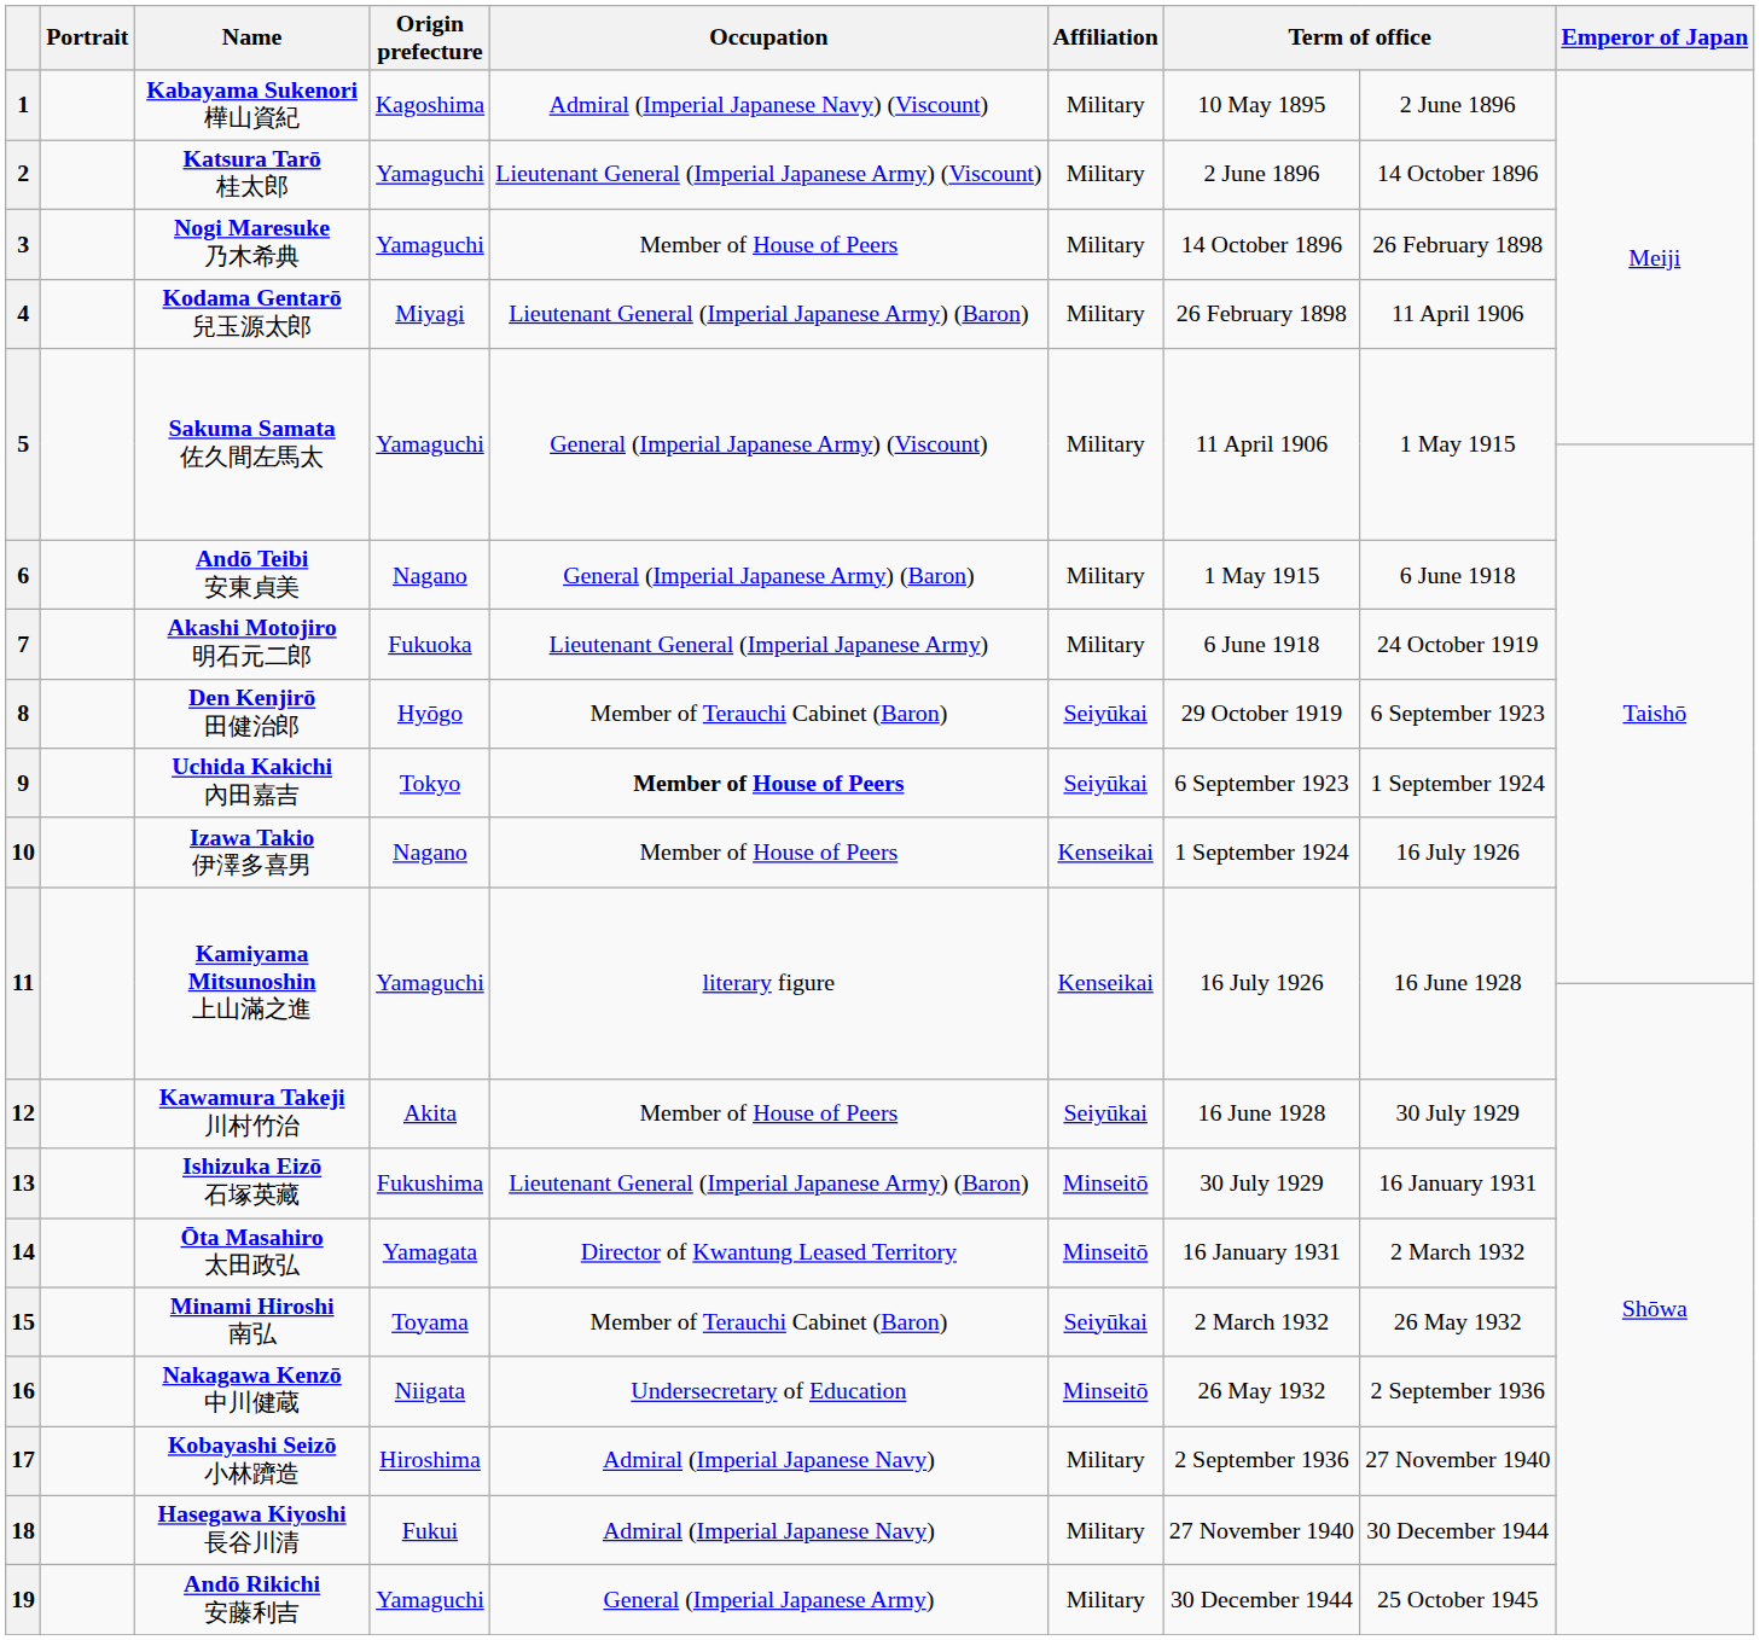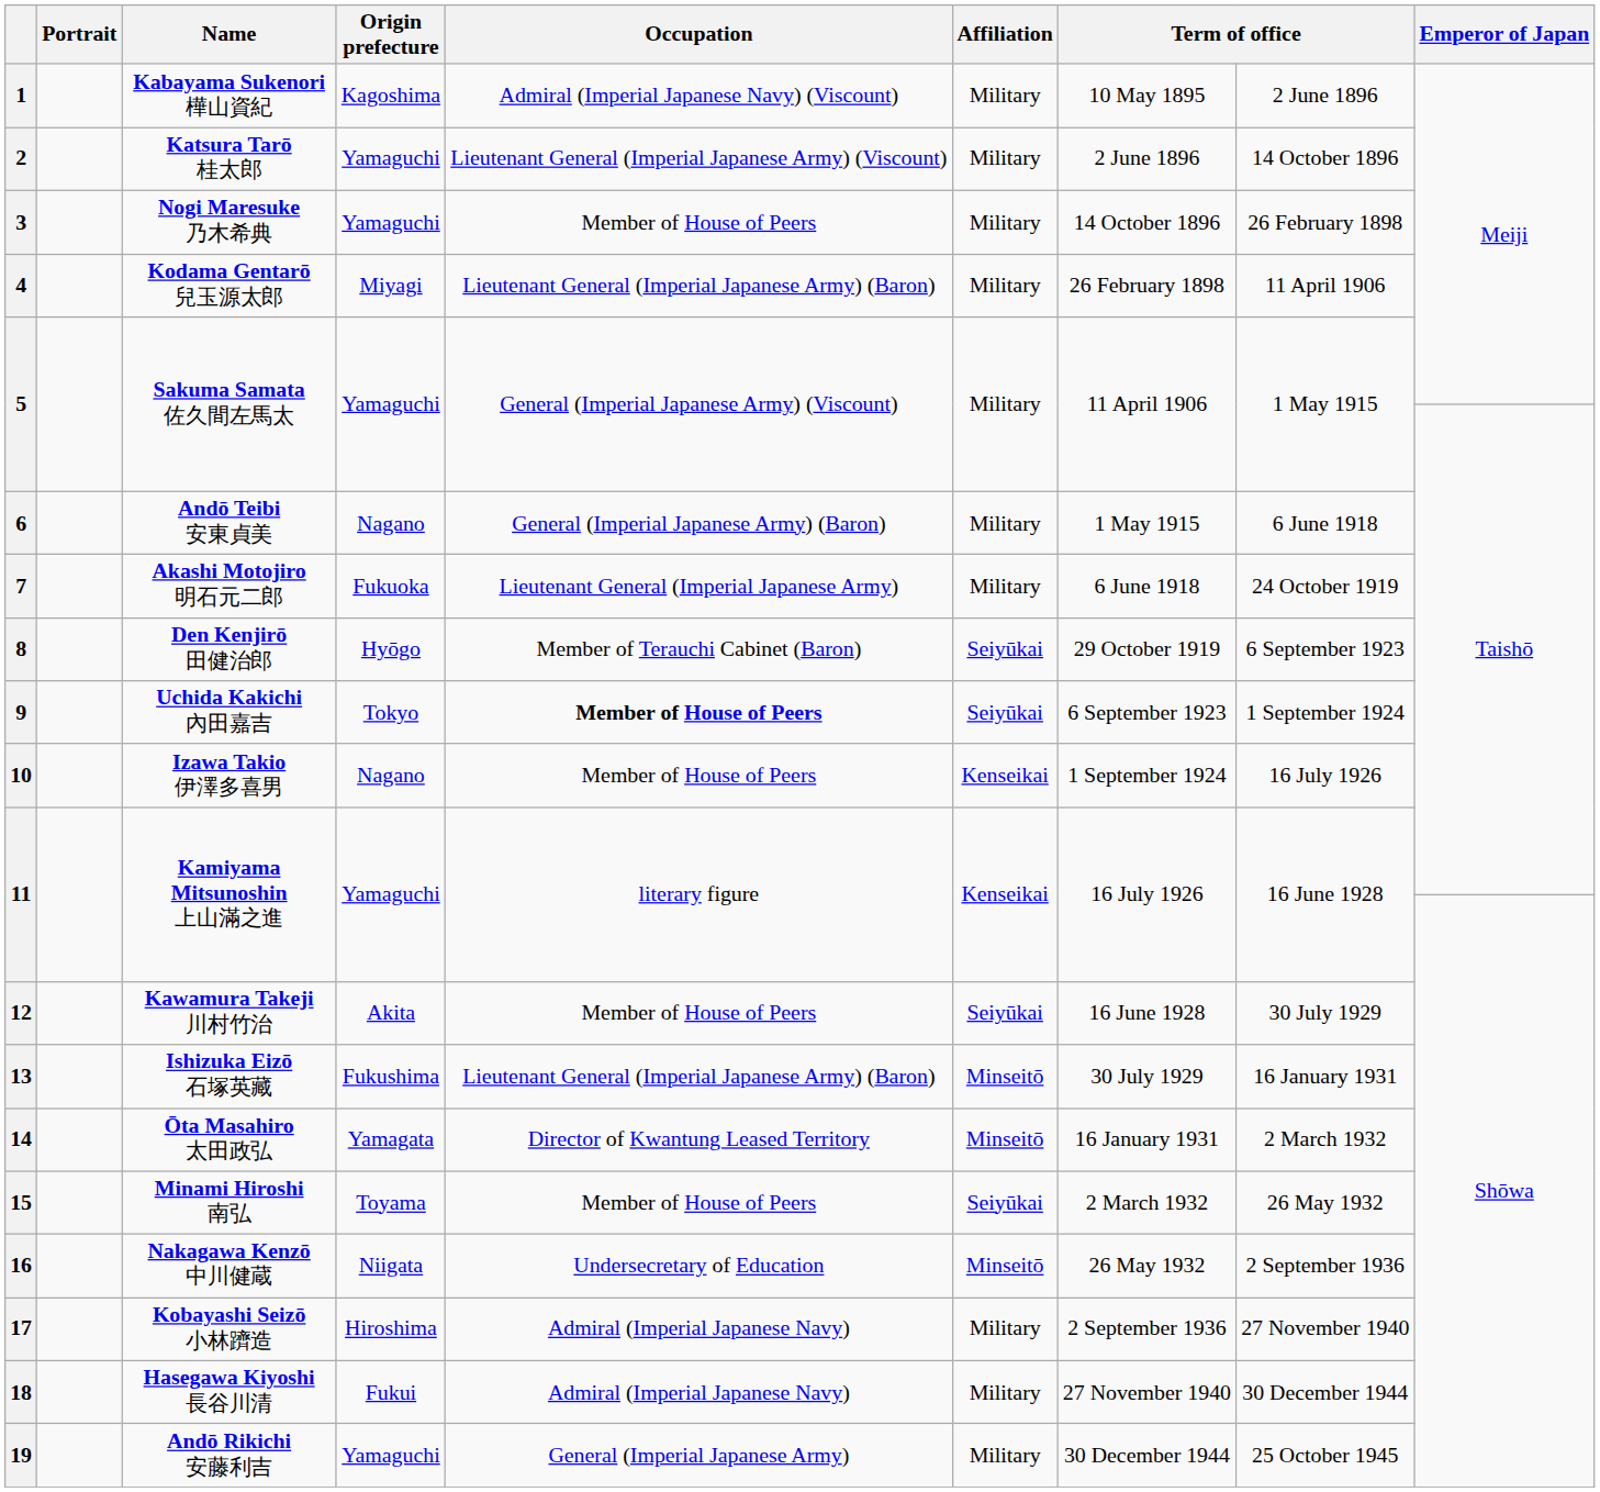 <table class="wikitable"; style="text-align:center";>
 <tr>
 <th></th>
 <th>Portrait</th>
 <th width="150">Name</th>
 <th>Origin<br>prefecture</th>
 <th>Occupation</th>
 <th>Affiliation</th>
 <th colspan=2 width="180">Term of office</th>
 <th><a href='#'>Emperor of Japan</a></th>
 </tr>
 <tr>
 <th style="background:">1</th>
 <td></td>
 <td align=center><strong><a href='#'>Kabayama Sukenori</a></strong><br><span>樺山資紀</span></td>
 <td><a href='#'>Kagoshima</a></td>
 <td><a href='#'>Admiral</a> (<a href='#'>Imperial Japanese Navy</a>) (<a href='#'>Viscount</a>)</td>
 <td>Military</td>
 <td>10 May 1895</td>
 <td>2 June 1896</td>
 <td rowspan="5"><a href='#'>Meiji</a></td>
 </tr>
 <tr>
 <th style="background:">2</th>
 <td></td>
 <td align=center><strong><a href='#'>Katsura Tarō</a></strong><br><span>桂太郎</span></td>
 <td><a href='#'>Yamaguchi</a></td>
 <td><a href='#'>Lieutenant General</a> (<a href='#'>Imperial Japanese Army</a>) (<a href='#'>Viscount</a>)</td>
 <td>Military</td>
 <td>2 June 1896</td>
 <td>14 October 1896</td>
 </tr>
 <tr>
 <th style="background:">3</th>
 <td></td>
 <td align=center><strong><a href='#'>Nogi Maresuke</a></strong><br><span>乃木希典</span></td>
 <td><a href='#'>Yamaguchi</a></td>
 <td>Member of <a href='#'>House of Peers</a></td>
 <td>Military</td>
 <td>14 October 1896</td>
 <td>26 February 1898</td>
 </tr>
 <tr>
 <th style="background:">4</th>
 <td></td>
 <td align=center><strong><a href='#'>Kodama Gentarō</a></strong><br><span>兒玉源太郎</span></td>
 <td><a href='#'>Miyagi</a></td>
 <td><a href='#'>Lieutenant General</a> (<a href='#'>Imperial Japanese Army</a>) (<a href='#'>Baron</a>)</td>
 <td>Military</td>
 <td>26 February 1898</td>
 <td>11 April 1906</td>
 </tr>
 <tr style="height:64px;">
 <th rowspan="2" style="background:">5</th>
 <td rowspan="2"></td>
 <td rowspan="2" align="center"><strong><a href='#'>Sakuma Samata</a></strong><br><span>佐久間左馬太</span></td>
 <td rowspan="2"><a href='#'>Yamaguchi</a></td>
 <td rowspan="2"><a href='#'>General</a> (<a href='#'>Imperial Japanese Army</a>) (<a href='#'>Viscount</a>)</td>
 <td rowspan="2">Military</td>
 <td rowspan="2">11 April 1906</td>
 <td rowspan="2">1 May 1915</td>
 </tr>
 <tr style="height:64px;">
 <td rowspan="7"><a href='#'>Taishō</a></td>
 </tr>
 <tr>
 <th style="background:">6</th>
 <td></td>
 <td align=center><strong><a href='#'>Andō Teibi</a></strong><br><span>安東貞美</span></td>
 <td><a href='#'>Nagano</a></td>
 <td><a href='#'>General</a> (<a href='#'>Imperial Japanese Army</a>) (<a href='#'>Baron</a>)</td>
 <td>Military</td>
 <td>1 May 1915</td>
 <td>6 June 1918</td>
 </tr>
 <tr>
 <th style="background:">7</th>
 <td></td>
 <td align=center><strong><a href='#'>Akashi Motojiro</a></strong><br><span>明石元二郎</span></td>
 <td><a href='#'>Fukuoka</a></td>
 <td><a href='#'>Lieutenant General</a> (<a href='#'>Imperial Japanese Army</a>)</td>
 <td>Military</td>
 <td>6 June 1918</td>
 <td>24 October 1919</td>
 </tr>
 <tr>
 <th style="background:">8</th>
 <td></td>
 <td align=center><strong><a href='#'>Den Kenjirō</a></strong><br><span>田健治郎</span></td>
 <td><a href='#'>Hyōgo</a></td>
 <td>Member of <a href='#'>Terauchi</a> Cabinet (<a href='#'>Baron</a>)</td>
 <td><a href='#'>Seiyūkai</a></td>
 <td>29 October 1919</td>
 <td>6 September 1923</td>
 </tr>
 <tr>
 <th style="background:">9</th>
 <td></td>
 <td align=center><strong><a href='#'>Uchida Kakichi</a></strong><br><span>內田嘉吉</span></td>
 <td><a href='#'>Tokyo</a></td>
 <td><strong>Member of <a href='#'>House of Peers</a></strong></td>
 <td><a href='#'>Seiyūkai</a></td>
 <td>6 September 1923</td>
 <td>1 September 1924</td>
 </tr>
 <tr>
 <th style="background:">10</th>
 <td></td>
 <td align=center><strong><a href='#'>Izawa Takio</a></strong><br><span>伊澤多喜男</span></td>
 <td><a href='#'>Nagano</a></td>
 <td>Member of <a href='#'>House of Peers</a></td>
 <td><a href='#'>Kenseikai</a></td>
 <td>1 September 1924</td>
 <td>16 July 1926</td>
 </tr>
 <tr style="height:64px;">
 <th rowspan=2 style="background:">11</th>
 <td rowspan=2></td>
 <td rowspan=2 align=center><strong><a href='#'>Kamiyama Mitsunoshin</a></strong><br><span>上山滿之進</span></td>
 <td rowspan=2><a href='#'>Yamaguchi</a></td>
 <td rowspan=2><a href='#'>literary</a> figure</td>
 <td rowspan=2><a href='#'>Kenseikai</a></td>
 <td rowspan=2>16 July 1926</td>
 <td rowspan=2>16 June 1928</td>
 </tr>
 <tr style="height:64px;">
 <td rowspan="9"><a href='#'>Shōwa</a></td>
 </tr>
 <tr>
 <th style="background:">12</th>
 <td></td>
 <td align=center><strong><a href='#'>Kawamura Takeji</a></strong><br><span>川村竹治</span></td>
 <td><a href='#'>Akita</a></td>
 <td>Member of <a href='#'>House of Peers</a></td>
 <td><a href='#'>Seiyūkai</a></td>
 <td>16 June 1928</td>
 <td>30 July 1929</td>
 </tr>
 <tr>
 <th style="background:">13</th>
 <td></td>
 <td align=center><strong><a href='#'>Ishizuka Eizō</a></strong><br><span>石塚英藏</span></td>
 <td><a href='#'>Fukushima</a></td>
 <td><a href='#'>Lieutenant General</a> (<a href='#'>Imperial Japanese Army</a>) (<a href='#'>Baron</a>)</td>
 <td><a href='#'>Minseitō</a></td>
 <td>30 July 1929</td>
 <td>16 January 1931</td>
 </tr>
 <tr>
 <th style="background:">14</th>
 <td></td>
 <td align=center><strong><a href='#'>Ōta Masahiro</a></strong><br><span>太田政弘</span></td>
 <td><a href='#'>Yamagata</a></td>
 <td><a href='#'>Director</a> of <a href='#'>Kwantung Leased Territory</a></td>
 <td><a href='#'>Minseitō</a></td>
 <td>16 January 1931</td>
 <td>2 March 1932</td>
 </tr>
 <tr>
 <th style="background:">15</th>
 <td></td>
 <td align=center><strong><a href='#'>Minami Hiroshi</a></strong><br><span>南弘</span></td>
 <td><a href='#'>Toyama</a></td>
-<td>Member of <a href='#'>Terauchi</a> Cabinet (<a href='#'>Baron</a>)</td>
+<td>Member of <a href='#'>House of Peers</a></td>
 <td><a href='#'>Seiyūkai</a></td>
 <td>2 March 1932</td>
 <td>26 May 1932</td>
 </tr>
 <tr>
 <th style="background:">16</th>
 <td></td>
 <td align=center><strong><a href='#'>Nakagawa Kenzō</a></strong><br><span>中川健蔵</span></td>
 <td><a href='#'>Niigata</a></td>
 <td><a href='#'>Undersecretary</a> of <a href='#'>Education</a></td>
 <td><a href='#'>Minseitō</a></td>
 <td>26 May 1932</td>
 <td>2 September 1936</td>
 </tr>
 <tr>
 <th style="background:">17</th>
 <td></td>
 <td align=center><strong><a href='#'>Kobayashi Seizō</a></strong><br><span>小林躋造</span></td>
 <td><a href='#'>Hiroshima</a></td>
 <td><a href='#'>Admiral</a> (<a href='#'>Imperial Japanese Navy</a>)</td>
 <td>Military</td>
 <td>2 September 1936</td>
 <td>27 November 1940</td>
 </tr>
 <tr>
 <th style="background:">18</th>
 <td></td>
 <td align=center><strong><a href='#'>Hasegawa Kiyoshi</a></strong><br><span>長谷川清</span></td>
 <td><a href='#'>Fukui</a></td>
 <td><a href='#'>Admiral</a> (<a href='#'>Imperial Japanese Navy</a>)</td>
 <td>Military</td>
 <td>27 November 1940</td>
 <td>30 December 1944</td>
 </tr>
 <tr>
 <th style="background:">19</th>
 <td></td>
 <td align=center><strong><a href='#'>Andō Rikichi</a></strong><br><span>安藤利吉</span></td>
 <td><a href='#'>Yamaguchi</a></td>
 <td><a href='#'>General</a> (<a href='#'>Imperial Japanese Army</a>)</td>
 <td>Military</td>
 <td>30 December 1944</td>
 <td>25 October 1945</td>
 </tr>
 </table>
